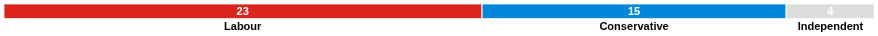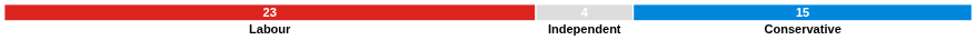 <table style="width:100%; text-align:center;">
 <tr style="color:white;">
 <td style="background:#dc241f; width:55%"><strong>23</strong></td>
+<td style="background:#dddddd; width:10%"><strong>4</strong></td>
 <td style="background:#0087dc; width:35%;"><strong>15</strong></td>
-<td style="background:#dddddd; width:10%"><strong>4</strong></td>
 </tr>
 <tr>
 <td><span><strong>Labour</strong></span></td>
+<td><span><strong>Independent</strong></span></td>
 <td><span><strong>Conservative</strong></span></td>
-<td><span><strong>Independent</strong></span></td>
 </tr>
 </table>
